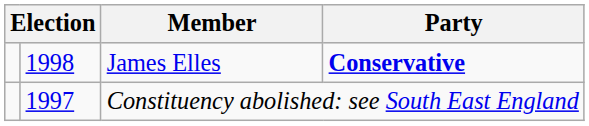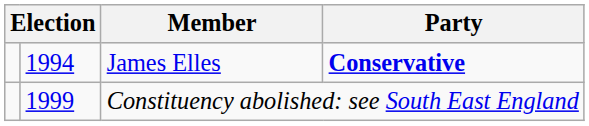 <table class="wikitable">
 <tr>
 <th colspan="2">Election</th>
 <th>Member</th>
 <th>Party</th>
 </tr>
 <tr>
 <td style="background-color: "></td>
-<td><a href='#'>1998</a></td>
+<td><a href='#'>1994</a></td>
 <td><a href='#'>James Elles</a></td>
 <td><strong><a href='#'>Conservative</a></strong></td>
 </tr>
 <tr>
 <td></td>
-<td><a href='#'>1997</a></td>
+<td><a href='#'>1999</a></td>
 <td colspan="2"><em>Constituency abolished: see <a href='#'>South East England</a></em></td>
 </tr>
 </table>
